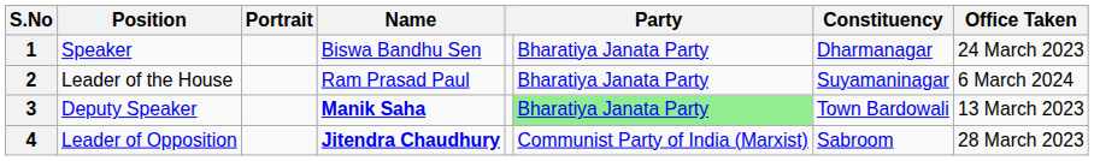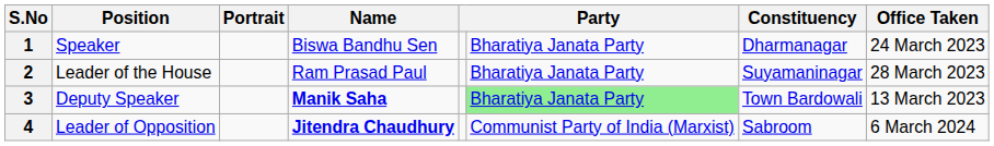 <table class="wikitable sortable">
 <tr>
 <th>S.No</th>
 <th>Position</th>
 <th>Portrait</th>
 <th>Name</th>
 <th colspan="2">Party</th>
 <th>Constituency</th>
 <th>Office Taken</th>
 </tr>
 <tr>
 <th>1</th>
 <td><a href='#'>Speaker</a></td>
 <td></td>
 <td><a href='#'>Biswa Bandhu Sen</a></td>
 <td style="background:"></td>
 <td><a href='#'>Bharatiya Janata Party</a></td>
 <td><a href='#'>Dharmanagar</a></td>
 <td>24 March 2023</td>
 </tr>
 <tr>
 <th>2</th>
 <td>Leader of the House <br></td>
 <td></td>
 <td><a href='#'>Ram Prasad Paul</a></td>
 <td style="background:"></td>
 <td><a href='#'>Bharatiya Janata Party</a></td>
 <td><a href='#'>Suyamaninagar</a></td>
-<td>6 March 2024</td>
+<td>28 March 2023</td>
 </tr>
 <tr>
 <th>3</th>
 <td><a href='#'>Deputy Speaker</a></td>
 <td></td>
 <td><strong><a href='#'>Manik Saha</a></strong></td>
 <td rowspan="1" style="background:"></td>
 <td rowspan="1" style="background: lightgreen;"><a href='#'>Bharatiya Janata Party</a></td>
 <td><a href='#'>Town Bardowali</a></td>
 <td rowspan="1">13 March 2023</td>
 </tr>
 <tr>
 <th>4</th>
 <td><a href='#'>Leader of Opposition</a></td>
 <td></td>
 <td><strong><a href='#'>Jitendra Chaudhury</a></strong></td>
 <td style="background:"></td>
 <td><a href='#'>Communist Party of India (Marxist)</a></td>
 <td><a href='#'>Sabroom</a></td>
-<td>28 March 2023</td>
+<td>6 March 2024</td>
 </tr>
 </table>
